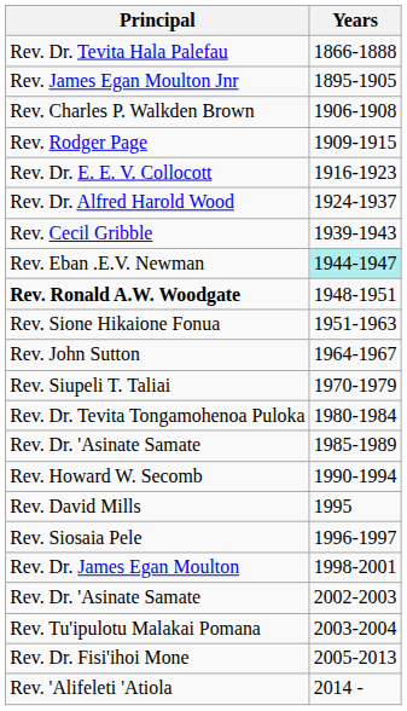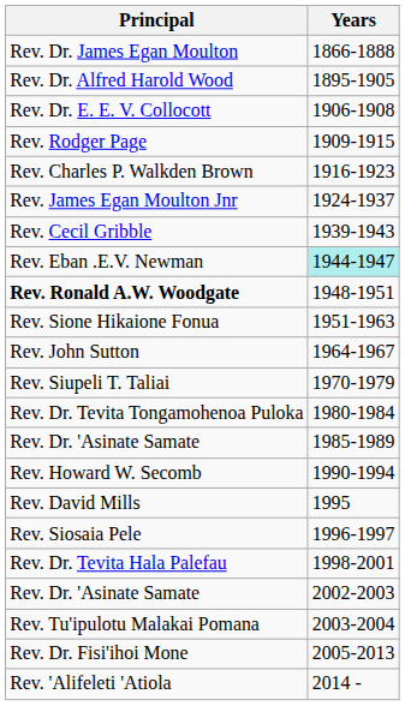 <table class="wikitable">
 <tr>
 <th>Principal</th>
 <th>Years</th>
 </tr>
 <tr>
-<td>Rev. Dr. <a href='#'>Tevita Hala Palefau</a></td>
+<td>Rev. Dr. <a href='#'>James Egan Moulton</a></td>
 <td>1866-1888</td>
 </tr>
 <tr>
-<td>Rev. <a href='#'>James Egan Moulton Jnr</a></td>
+<td>Rev. Dr. <a href='#'>Alfred Harold Wood</a></td>
 <td>1895-1905</td>
 </tr>
 <tr>
-<td>Rev. Charles P. Walkden Brown</td>
+<td>Rev. Dr. <a href='#'>E. E. V. Collocott</a></td>
 <td>1906-1908</td>
 </tr>
 <tr>
 <td>Rev. <a href='#'>Rodger Page</a></td>
 <td>1909-1915</td>
 </tr>
 <tr>
-<td>Rev. Dr. <a href='#'>E. E. V. Collocott</a></td>
+<td>Rev. Charles P. Walkden Brown</td>
 <td>1916-1923</td>
 </tr>
 <tr>
-<td>Rev. Dr. <a href='#'>Alfred Harold Wood</a></td>
+<td>Rev. <a href='#'>James Egan Moulton Jnr</a></td>
 <td>1924-1937</td>
 </tr>
 <tr>
 <td>Rev. <a href='#'>Cecil Gribble</a></td>
 <td>1939-1943</td>
 </tr>
 <tr>
 <td>Rev. Eban .E.V. Newman</td>
 <td style="background: paleturquoise;">1944-1947</td>
 </tr>
 <tr>
 <td><strong>Rev. Ronald A.W. Woodgate</strong></td>
 <td>1948-1951</td>
 </tr>
 <tr>
 <td>Rev. Sione Hikaione Fonua</td>
 <td>1951-1963</td>
 </tr>
 <tr>
 <td>Rev. John Sutton</td>
 <td>1964-1967</td>
 </tr>
 <tr>
 <td>Rev. Siupeli T. Taliai</td>
 <td>1970-1979</td>
 </tr>
 <tr>
 <td>Rev. Dr. Tevita Tongamohenoa Puloka</td>
 <td>1980-1984</td>
 </tr>
 <tr>
 <td>Rev. Dr. 'Asinate Samate</td>
 <td>1985-1989</td>
 </tr>
 <tr>
 <td>Rev. Howard W. Secomb</td>
 <td>1990-1994</td>
 </tr>
 <tr>
 <td>Rev. David Mills</td>
 <td>1995</td>
 </tr>
 <tr>
 <td>Rev. Siosaia Pele</td>
 <td>1996-1997</td>
 </tr>
 <tr>
-<td>Rev. Dr. <a href='#'>James Egan Moulton</a></td>
+<td>Rev. Dr. <a href='#'>Tevita Hala Palefau</a></td>
 <td>1998-2001</td>
 </tr>
 <tr>
 <td>Rev. Dr. 'Asinate Samate</td>
 <td>2002-2003</td>
 </tr>
 <tr>
 <td>Rev. Tu'ipulotu Malakai Pomana</td>
 <td>2003-2004</td>
 </tr>
 <tr>
 <td>Rev. Dr. Fisi'ihoi Mone</td>
 <td>2005-2013</td>
 </tr>
 <tr>
 <td>Rev. 'Alifeleti 'Atiola</td>
 <td>2014 -</td>
 </tr>
 </table>
